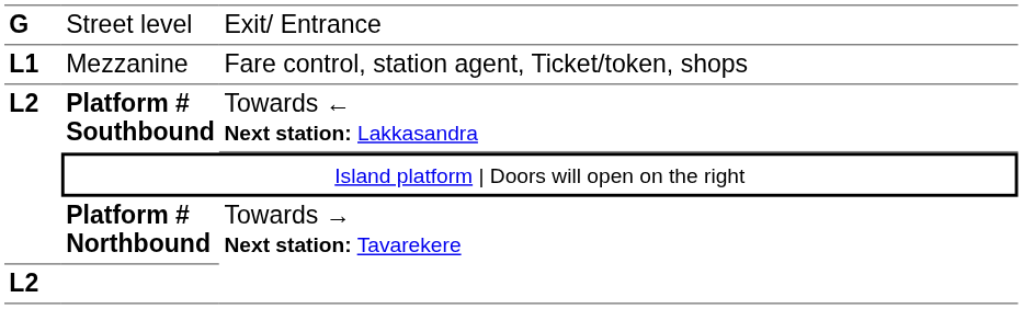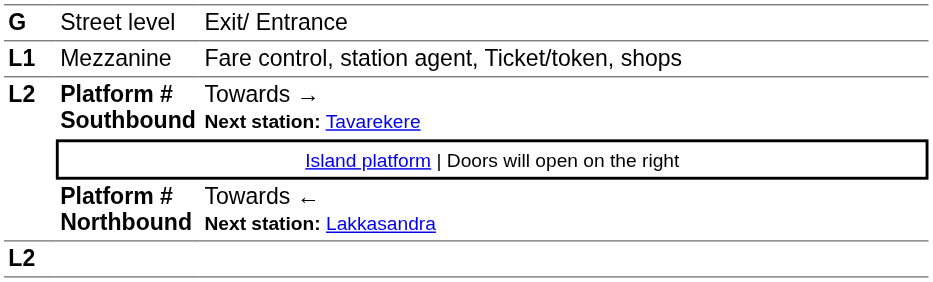 <table table border=0 cellspacing=0 cellpadding=3>
 <tr>
 <td style="border-top:solid 1px gray;border-bottom:solid 1px gray;" width=30 valign=top><strong>G</strong></td>
 <td style="border-top:solid 1px gray;border-bottom:solid 1px gray;" width=85 valign=top>Street level</td>
 <td style="border-top:solid 1px gray;border-bottom:solid 1px gray;" width=500 valign=top>Exit/ Entrance</td>
 </tr>
 <tr>
 <td style="border-bottom:solid 1px gray;"><strong>L1</strong></td>
 <td style="border-bottom:solid 1px gray;">Mezzanine</td>
 <td style="border-bottom:solid 1px gray;">Fare control, station agent, Ticket/token, shops</td>
 </tr>
 <tr>
 <td style="border-bottom:solid 1px gray;" width=30 rowspan=3 valign=top><strong>L2</strong></td>
 <td style="border-bottom:solid 1px white;" width=85><span><strong>Platform #</strong><br><strong>Southbound</strong></span></td>
-<td style="border-bottom:solid 1px gray;" width="500">Towards ← <br><small><strong>Next station:</strong> <a href='#'>Lakkasandra</a></small></td>
+<td style="border-bottom:solid 1px white;" width=500>Towards → <br><small><strong>Next station:</strong> <a href='#'>Tavarekere</a></small></td>
 </tr>
 <tr>
 <td style="border-top:solid 2px black;border-right:solid 2px black;border-left:solid 2px black;border-bottom:solid 2px black;text-align:center;" colspan=2><small><a href='#'>Island platform</a> | Doors will open on the right </small></td>
 </tr>
 <tr>
 <td style="border-bottom:solid 1px gray;" width=85><span><strong>Platform #</strong><br><strong>Northbound</strong></span></td>
-<td style="border-bottom:solid 1px white;" width=500>Towards → <br><small><strong>Next station:</strong> <a href='#'>Tavarekere</a></small></td>
+<td style="border-bottom:solid 1px gray;" width="500">Towards ← <br><small><strong>Next station:</strong> <a href='#'>Lakkasandra</a></small></td>
 </tr>
 <tr>
 <td style="border-bottom:solid 1px gray;" width=30 rowspan=2 valign=top><strong>L2</strong></td>
 <td style="border-bottom:solid 1px gray;" width=85></td>
 <td style="border-bottom:solid 1px gray;" width=500></td>
 </tr>
 </table>
